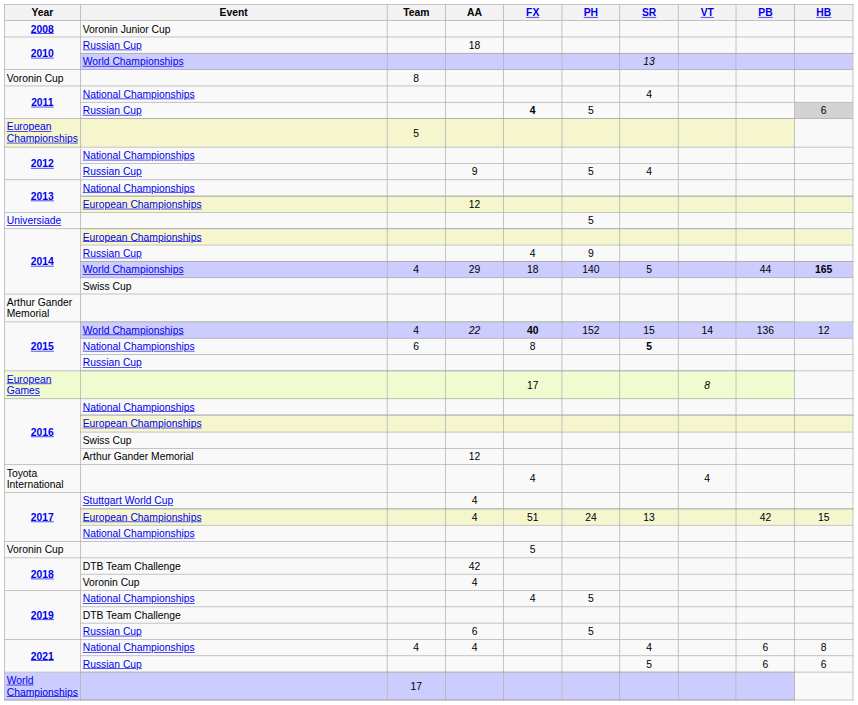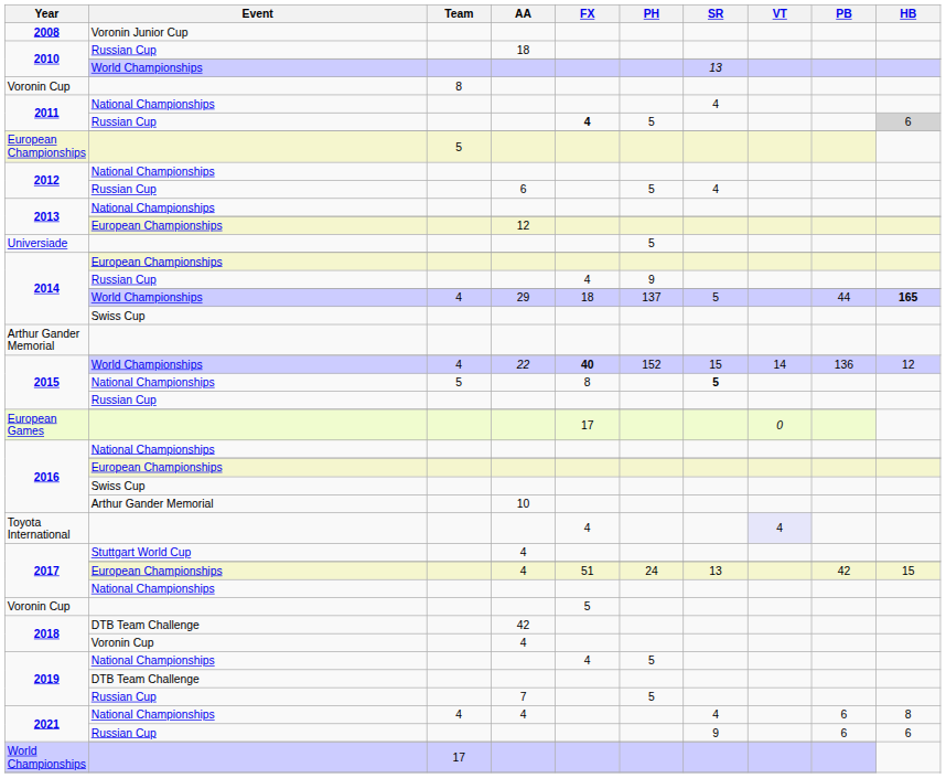 <table class="wikitable sortable" style="text-align:center; font-size:95%;">
 <tr>
 <th width=7% class=unsortable>Year</th>
 <th width=37% class=unsortable>Event</th>
 <th width=7% class=unsortable>Team</th>
 <th width=7% class=unsortable>AA</th>
 <th width=7% class=unsortable><a href='#'>FX</a></th>
 <th width=7% class=unsortable><a href='#'>PH</a></th>
 <th width=7% class=unsortable><a href='#'>SR</a></th>
 <th width=7% class=unsortable><a href='#'>VT</a></th>
 <th width=7% class=unsortable><a href='#'>PB</a></th>
 <th width=7% class=unsortable><a href='#'>HB</a></th>
 </tr>
 <tr>
 <td rowspan="1"><strong><a href='#'>2008</a></strong></td>
 <td align=left>Voronin Junior Cup</td>
 <td></td>
 <td></td>
 <td></td>
 <td></td>
 <td></td>
 <td></td>
 <td></td>
 <td></td>
 </tr>
 <tr>
 <td rowspan="3"><strong><a href='#'>2010</a></strong></td>
 <td align=left><a href='#'>Russian Cup</a></td>
 <td></td>
 <td>18</td>
 <td></td>
 <td></td>
 <td></td>
 <td></td>
 <td></td>
 <td></td>
 </tr>
 <tr>
 </tr>
 <tr bgcolor=#CCCCFF>
 <td align=left><a href='#'>World Championships</a></td>
 <td></td>
 <td></td>
 <td></td>
 <td></td>
 <td><em>13</em></td>
 <td></td>
 <td></td>
 <td></td>
 </tr>
 <tr>
 <td align=left>Voronin Cup</td>
 <td></td>
 <td>8</td>
 <td></td>
 <td></td>
 <td></td>
 <td></td>
 <td></td>
 <td></td>
 </tr>
 <tr>
 <td rowspan="3"><strong><a href='#'>2011</a></strong></td>
 <td align=left><a href='#'>National Championships</a></td>
 <td></td>
 <td></td>
 <td></td>
 <td></td>
 <td>4</td>
 <td></td>
 <td></td>
 <td></td>
 </tr>
 <tr>
 <td align=left><a href='#'>Russian Cup</a></td>
 <td></td>
 <td></td>
 <td><strong>4</strong></td>
 <td>5</td>
 <td></td>
 <td></td>
 <td></td>
 <td style="background: lightgrey;">6</td>
 </tr>
 <tr>
 </tr>
 <tr bgcolor=#F5F6CE>
 <td align=left><a href='#'>European Championships</a></td>
 <td></td>
 <td>5</td>
 <td></td>
 <td></td>
 <td></td>
 <td></td>
 <td></td>
 <td></td>
 </tr>
 <tr>
 <td rowspan="2"><strong><a href='#'>2012</a></strong></td>
 <td align=left><a href='#'>National Championships</a></td>
 <td></td>
 <td></td>
 <td></td>
 <td></td>
 <td></td>
 <td></td>
 <td></td>
 <td></td>
 </tr>
 <tr>
 <td align=left><a href='#'>Russian Cup</a></td>
 <td></td>
-<td>9</td>
+<td>6</td>
 <td></td>
 <td>5</td>
 <td>4</td>
 <td></td>
 <td></td>
 <td></td>
 </tr>
 <tr>
 <td rowspan="3"><strong><a href='#'>2013</a></strong></td>
 <td align=left><a href='#'>National Championships</a></td>
 <td></td>
 <td></td>
 <td></td>
 <td></td>
 <td></td>
 <td></td>
 <td></td>
 <td></td>
 </tr>
 <tr>
 </tr>
 <tr bgcolor=#F5F6CE>
 <td align=left><a href='#'>European Championships</a></td>
 <td></td>
 <td>12</td>
 <td></td>
 <td></td>
 <td></td>
 <td></td>
 <td></td>
 <td></td>
 </tr>
 <tr>
 <td align=left><a href='#'>Universiade</a></td>
 <td></td>
 <td></td>
 <td></td>
 <td></td>
 <td>5</td>
 <td></td>
 <td></td>
 <td></td>
 </tr>
 <tr>
 <td rowspan="6"><strong><a href='#'>2014</a></strong></td>
 </tr>
 <tr bgcolor=#F5F6CE>
 <td align=left><a href='#'>European Championships</a></td>
 <td></td>
 <td></td>
 <td></td>
 <td></td>
 <td></td>
 <td></td>
 <td></td>
 <td></td>
 </tr>
 <tr>
 <td align=left><a href='#'>Russian Cup</a></td>
 <td></td>
 <td></td>
 <td>4</td>
 <td>9</td>
 <td></td>
 <td></td>
 <td></td>
 <td></td>
 </tr>
 <tr>
 </tr>
 <tr bgcolor=#CCCCFF>
 <td align=left><a href='#'>World Championships</a></td>
 <td>4</td>
 <td>29</td>
 <td>18</td>
-<td>140</td>
+<td>137</td>
 <td>5</td>
 <td></td>
 <td>44</td>
 <td><strong>165</strong></td>
 </tr>
 <tr>
 <td align=left>Swiss Cup</td>
 <td></td>
 <td></td>
 <td></td>
 <td></td>
 <td></td>
 <td></td>
 <td></td>
 <td></td>
 </tr>
 <tr>
 <td align=left>Arthur Gander Memorial</td>
 <td></td>
 <td></td>
 <td></td>
 <td></td>
 <td></td>
 <td></td>
 <td></td>
 <td></td>
 </tr>
 <tr>
 <td rowspan="5"><strong><a href='#'>2015</a></strong></td>
 </tr>
 <tr bgcolor=#CCCCFF>
 <td align=left><a href='#'>World Championships</a></td>
 <td>4</td>
 <td><em>22</em></td>
 <td><strong>40</strong></td>
 <td>152</td>
 <td>15</td>
 <td>14</td>
 <td>136</td>
 <td>12</td>
 </tr>
 <tr>
 <td align=left><a href='#'>National Championships</a></td>
-<td>6</td>
+<td>5</td>
 <td></td>
 <td>8</td>
 <td></td>
 <td><strong>5</strong></td>
 <td></td>
 <td></td>
 <td></td>
 </tr>
 <tr>
 <td align=left><a href='#'>Russian Cup</a></td>
 <td></td>
 <td></td>
 <td></td>
 <td></td>
 <td></td>
 <td></td>
 <td></td>
 <td></td>
 </tr>
 <tr>
 </tr>
 <tr bgcolor=#f0fccf>
 <td align=left><a href='#'>European Games</a></td>
 <td></td>
 <td></td>
 <td></td>
 <td>17</td>
 <td></td>
 <td></td>
-<td><em>8</em></td>
+<td><em>0</em></td>
 <td></td>
 </tr>
 <tr>
 <td rowspan="5"><strong><a href='#'>2016</a></strong></td>
 <td align=left><a href='#'>National Championships</a></td>
 <td></td>
 <td></td>
 <td></td>
 <td></td>
 <td></td>
 <td></td>
 <td></td>
 <td></td>
 </tr>
 <tr>
 </tr>
 <tr bgcolor=#F5F6CE>
 <td align=left><a href='#'>European Championships</a></td>
 <td></td>
 <td></td>
 <td></td>
 <td></td>
 <td></td>
 <td></td>
 <td></td>
 <td></td>
 </tr>
 <tr>
 <td align=left>Swiss Cup</td>
 <td></td>
 <td></td>
 <td></td>
 <td></td>
 <td></td>
 <td></td>
 <td></td>
 <td></td>
 </tr>
 <tr>
 <td align=left>Arthur Gander Memorial</td>
 <td></td>
-<td>12</td>
+<td>10</td>
 <td></td>
 <td></td>
 <td></td>
 <td></td>
 <td></td>
 <td></td>
 </tr>
 <tr>
 <td align=left>Toyota International</td>
 <td></td>
 <td></td>
 <td></td>
 <td>4</td>
 <td></td>
 <td></td>
-<td>4</td>
+<td style="background: lavender;">4</td>
 <td></td>
 </tr>
 <tr>
 <td rowspan= "4"><strong><a href='#'>2017</a></strong></td>
 <td align=left><a href='#'>Stuttgart World Cup</a></td>
 <td></td>
 <td>4</td>
 <td></td>
 <td></td>
 <td></td>
 <td></td>
 <td></td>
 <td></td>
 </tr>
 <tr>
 </tr>
 <tr bgcolor=#F5F6CE>
 <td align=left><a href='#'>European Championships</a></td>
 <td></td>
 <td>4</td>
 <td>51</td>
 <td>24</td>
 <td>13</td>
 <td></td>
 <td>42</td>
 <td>15</td>
 </tr>
 <tr>
 <td align=left><a href='#'>National Championships</a></td>
 <td></td>
 <td></td>
 <td></td>
 <td></td>
 <td></td>
 <td></td>
 <td></td>
 <td></td>
 </tr>
 <tr>
 <td align=left>Voronin Cup</td>
 <td></td>
 <td></td>
 <td></td>
 <td>5</td>
 <td></td>
 <td></td>
 <td></td>
 <td></td>
 </tr>
 <tr>
 <td rowspan="2“"><strong><a href='#'>2018</a></strong></td>
 <td align=left>DTB Team Challenge</td>
 <td></td>
 <td>42</td>
 <td></td>
 <td></td>
 <td></td>
 <td></td>
 <td></td>
 <td></td>
 </tr>
 <tr>
 <td align=left>Voronin Cup</td>
 <td></td>
 <td>4</td>
 <td></td>
 <td></td>
 <td></td>
 <td></td>
 <td></td>
 <td></td>
 </tr>
 <tr>
 <td rowspan="3"><strong><a href='#'>2019</a></strong></td>
 <td align=left><a href='#'>National Championships</a></td>
 <td></td>
 <td></td>
 <td>4</td>
 <td>5</td>
 <td></td>
 <td></td>
 <td></td>
 <td></td>
 </tr>
 <tr>
 <td align=left>DTB Team Challenge</td>
 <td></td>
 <td></td>
 <td></td>
 <td></td>
 <td></td>
 <td></td>
 <td></td>
 <td></td>
 </tr>
 <tr>
 <td align=left><a href='#'>Russian Cup</a></td>
 <td></td>
-<td>6</td>
+<td>7</td>
 <td></td>
 <td>5</td>
 <td></td>
 <td></td>
 <td></td>
 <td></td>
 </tr>
 <tr>
 <td rowspan="3"><strong><a href='#'>2021</a></strong></td>
 <td align=left><a href='#'>National Championships</a></td>
 <td>4</td>
 <td>4</td>
 <td></td>
 <td></td>
 <td>4</td>
 <td></td>
 <td>6</td>
 <td>8</td>
 </tr>
 <tr>
 <td align=left><a href='#'>Russian Cup</a></td>
 <td></td>
 <td></td>
 <td></td>
 <td></td>
-<td>5</td>
+<td>9</td>
 <td></td>
 <td>6</td>
 <td>6</td>
 </tr>
 <tr>
 </tr>
 <tr bgcolor=#CCCCFF>
 <td align=left><a href='#'>World Championships</a></td>
 <td></td>
 <td>17</td>
 <td></td>
 <td></td>
 <td></td>
 <td></td>
 <td></td>
 <td></td>
 </tr>
 <tr>
 </tr>
 </table>
